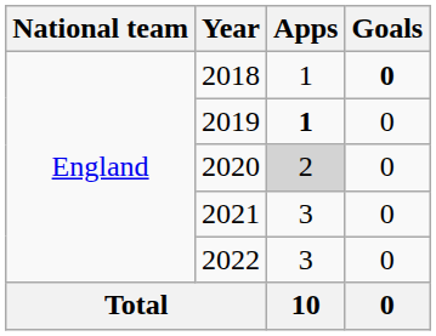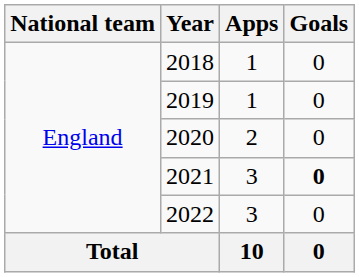 <table class="wikitable" style="text-align: center;">
 <tr>
 <th>National team</th>
 <th>Year</th>
 <th>Apps</th>
 <th>Goals</th>
 </tr>
 <tr>
 <td rowspan="5"><a href='#'>England</a></td>
 <td>2018</td>
 <td>1</td>
-<td><strong>0</strong></td>
+<td>0</td>
 </tr>
 <tr>
 <td>2019</td>
-<td><strong>1</strong></td>
+<td>1</td>
 <td>0</td>
 </tr>
 <tr>
 <td>2020</td>
-<td style="background: lightgrey;">2</td>
+<td>2</td>
 <td>0</td>
 </tr>
 <tr>
 <td>2021</td>
 <td>3</td>
-<td>0</td>
+<td><strong>0</strong></td>
 </tr>
 <tr>
 <td>2022</td>
 <td>3</td>
 <td>0</td>
 </tr>
 <tr>
 <th colspan="2">Total</th>
 <th>10</th>
 <th>0</th>
 </tr>
 </table>
